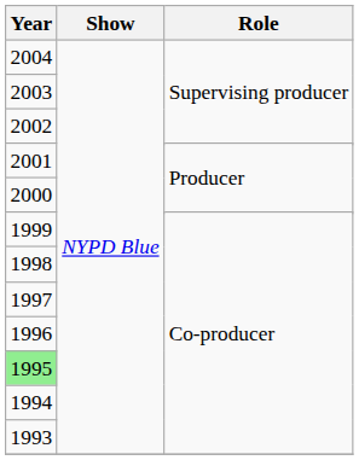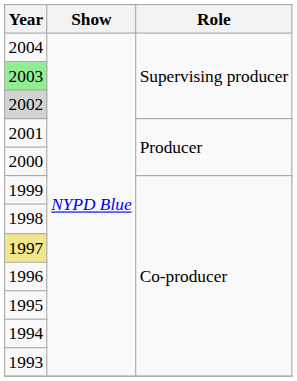 <table class="wikitable" style="font-size: 95%;">
 <tr>
 <th>Year</th>
 <th>Show</th>
 <th>Role</th>
 </tr>
 <tr>
 <td>2004</td>
 <td rowspan=14><em><a href='#'>NYPD Blue</a></em></td>
 <td rowspan=4>Supervising producer</td>
 </tr>
 <tr>
-<td>2003</td>
+<td style="background: lightgreen;">2003</td>
 </tr>
 <tr>
-<td>2002</td>
+<td style="background: lightgrey;">2002</td>
 </tr>
 <tr>
 <td rowspan=2>2001</td>
 </tr>
 <tr>
 <td rowspan=3>Producer</td>
 </tr>
 <tr>
 <td>2000</td>
 </tr>
 <tr>
 <td rowspan=2>1999</td>
 </tr>
 <tr>
 <td rowspan=7>Co-producer</td>
 </tr>
 <tr>
 <td>1998</td>
 </tr>
 <tr>
-<td>1997</td>
+<td style="background: khaki;">1997</td>
 </tr>
 <tr>
 <td>1996</td>
 </tr>
 <tr>
-<td style="background: lightgreen;">1995</td>
+<td>1995</td>
 </tr>
 <tr>
 <td>1994</td>
 </tr>
 <tr>
 <td>1993</td>
 </tr>
 <tr>
 </tr>
 </table>
